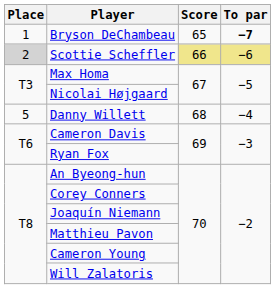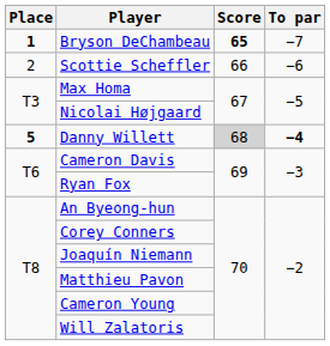 <table class="wikitable">
 <tr>
 <th>Place</th>
 <th>Player</th>
 <th>Score</th>
 <th>To par</th>
 </tr>
 <tr>
-<td align=center>1</td>
+<td align=center><strong>1</strong></td>
 <td> <a href='#'>Bryson DeChambeau</a></td>
-<td align=center>65</td>
-<td align=center><strong>−7</strong></td>
+<td align=center><strong>65</strong></td>
+<td align=center>−7</td>
 </tr>
 <tr>
-<td align=center style="background: lightgrey;">2</td>
+<td align=center>2</td>
 <td> <a href='#'>Scottie Scheffler</a></td>
-<td align=center style="background: khaki;">66</td>
-<td align=center style="background: khaki;">−6</td>
+<td align=center>66</td>
+<td align=center>−6</td>
 </tr>
 <tr>
 <td rowspan=2 align=center>T3</td>
 <td> <a href='#'>Max Homa</a></td>
 <td rowspan=2 align=center>67</td>
 <td rowspan=2 align=center>−5</td>
 </tr>
 <tr>
 <td> <a href='#'>Nicolai Højgaard</a></td>
 </tr>
 <tr>
-<td align=center>5</td>
+<td align=center><strong>5</strong></td>
 <td> <a href='#'>Danny Willett</a></td>
-<td align=center>68</td>
-<td align=center>−4</td>
+<td align=center style="background: lightgrey;">68</td>
+<td align=center><strong>−4</strong></td>
 </tr>
 <tr>
 <td rowspan=2 align=center>T6</td>
 <td> <a href='#'>Cameron Davis</a></td>
 <td rowspan=2 align=center>69</td>
 <td rowspan=2 align=center>−3</td>
 </tr>
 <tr>
 <td> <a href='#'>Ryan Fox</a></td>
 </tr>
 <tr>
 <td rowspan=6 align=center>T8</td>
 <td> <a href='#'>An Byeong-hun</a></td>
 <td rowspan=6 align=center>70</td>
 <td rowspan=6 align=center>−2</td>
 </tr>
 <tr>
 <td> <a href='#'>Corey Conners</a></td>
 </tr>
 <tr>
 <td> <a href='#'>Joaquín Niemann</a></td>
 </tr>
 <tr>
 <td> <a href='#'>Matthieu Pavon</a></td>
 </tr>
 <tr>
 <td> <a href='#'>Cameron Young</a></td>
 </tr>
 <tr>
 <td> <a href='#'>Will Zalatoris</a></td>
 </tr>
 </table>
